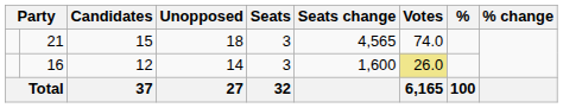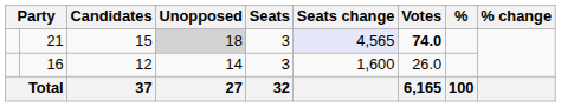 <table class="wikitable sortable">
 <tr>
 <th colspan=2>Party</th>
 <th>Candidates</th>
 <th>Unopposed</th>
 <th>Seats</th>
 <th>Seats change</th>
 <th>Votes</th>
 <th>%</th>
 <th>% change</th>
 </tr>
 <tr>
 <td></td>
 <td align=right>21</td>
 <td align=right>15</td>
-<td align=right>18</td>
+<td align=right style="background: lightgrey;">18</td>
 <td align=right>3</td>
-<td align=right>4,565</td>
-<td align=right>74.0</td>
+<td align=right style="background: lavender;">4,565</td>
+<td align=right><strong>74.0</strong></td>
 <td align=right></td>
 </tr>
 <tr>
 <td></td>
 <td align=right>16</td>
 <td align=right>12</td>
 <td align=right>14</td>
 <td align=right>3</td>
 <td align=right>1,600</td>
-<td align=right style="background: khaki;">26.0</td>
+<td align=right>26.0</td>
 <td align=right></td>
 </tr>
 <tr class="sortbottom" style="font-weight: bold; text-align: right; background: #f2f2f2;">
 <th colspan="2" style="padding-left: 1.5em; text-align: left;">Total</th>
 <td align=right>37</td>
 <td align=right>27</td>
 <td align=right>32</td>
 <td align=right></td>
 <td align=right>6,165</td>
 <td align=right>100</td>
 <td align=right></td>
 </tr>
 </table>
